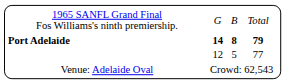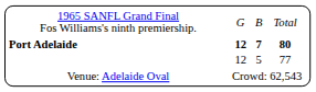 <table style="margin-right:4px; margin-top:8px; margin-left:4px; float:right; border:1px #000 solid; border-radius:8px; background:#fff; font-family:Verdana; font-size:8pt; text-align:center;">
 <tr>
 <td width="200"><a href='#'>1965 SANFL Grand Final</a><br>Fos Williams's ninth premiership.</td>
 <td><em>G</em></td>
 <td><em>B</em></td>
 <td><em>Total</em></td>
 </tr>
 <tr>
 <td style="text-align:left"><strong>Port Adelaide</strong></td>
-<td><strong>14</strong></td>
-<td><strong>8</strong></td>
-<td><strong>79</strong></td>
+<td><strong>12</strong></td>
+<td><strong>7</strong></td>
+<td><strong>80</strong></td>
 </tr>
 <tr>
 <td style="text-align:left"></td>
 <td>12</td>
 <td>5</td>
 <td>77</td>
 </tr>
 <tr>
 <td>Venue: <a href='#'>Adelaide Oval</a></td>
 <td colspan=3>Crowd: 62,543</td>
 <td colspan=3></td>
 </tr>
 </table>
